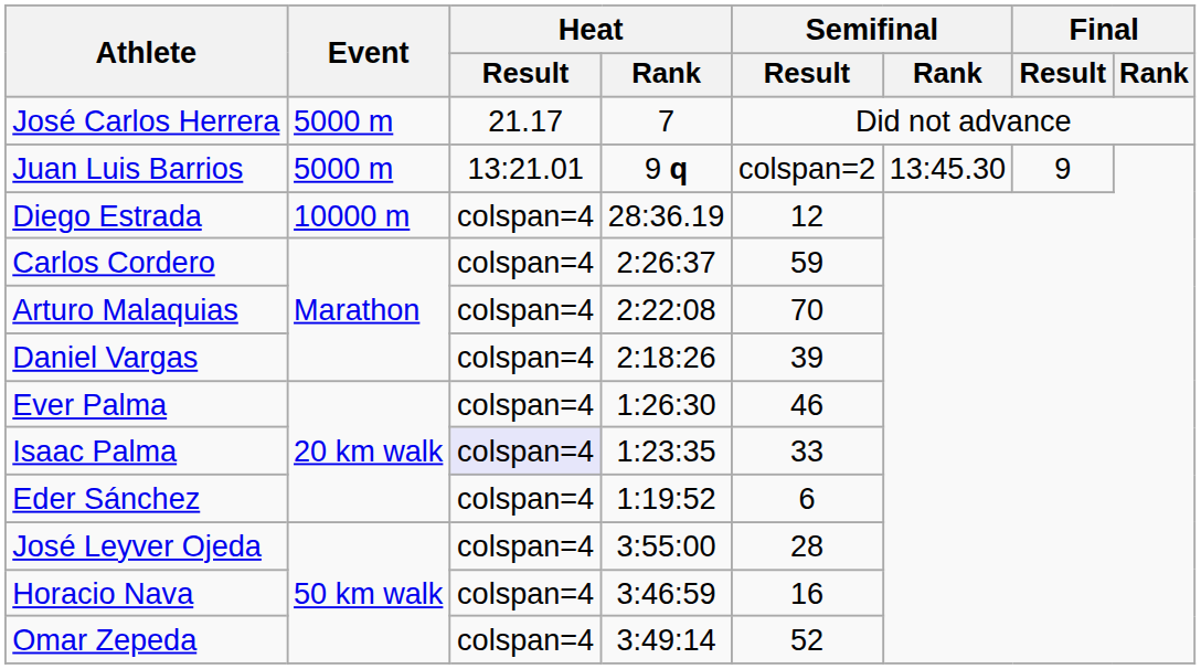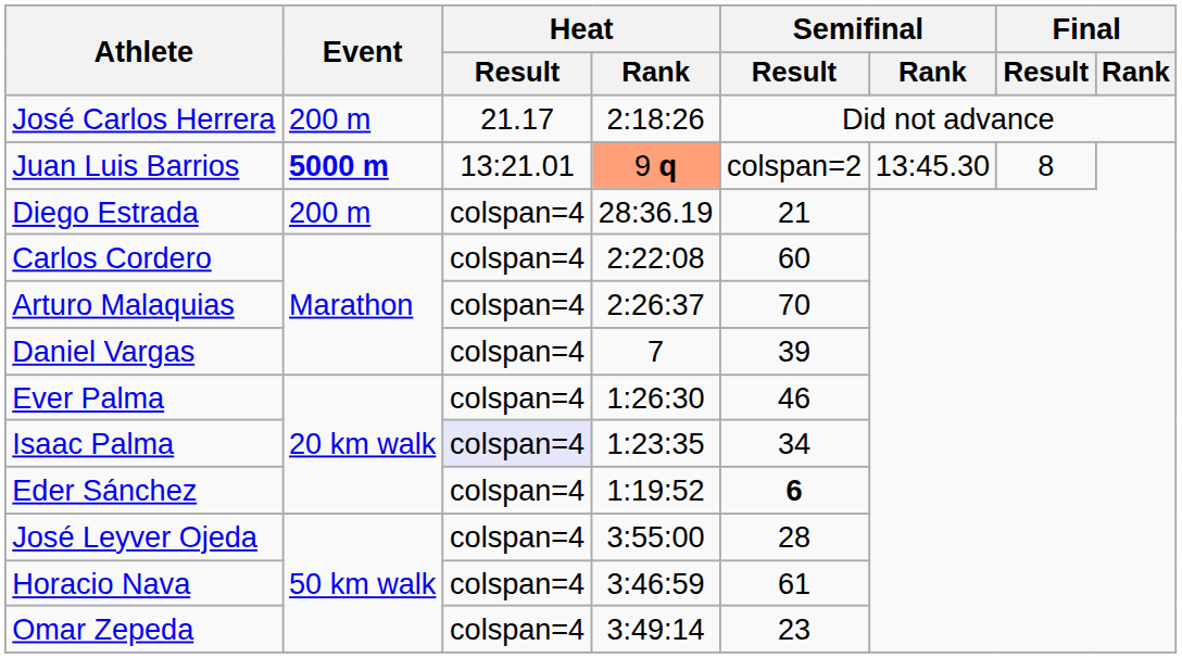 <table class="wikitable" style="font-size:90%">
 <tr>
 <th rowspan="2">Athlete</th>
 <th rowspan="2">Event</th>
 <th colspan="2">Heat</th>
 <th colspan="2">Semifinal</th>
 <th colspan="2">Final</th>
 </tr>
 <tr style="font-size:95%">
 <th>Result</th>
 <th>Rank</th>
 <th>Result</th>
 <th>Rank</th>
 <th>Result</th>
 <th>Rank</th>
 </tr>
 <tr align=center>
 <td align=left><a href='#'>José Carlos Herrera</a></td>
-<td align=left><a href='#'>5000 m</a></td>
+<td align=left><a href='#'>200 m</a></td>
 <td>21.17</td>
-<td>7</td>
+<td>2:18:26</td>
 <td colspan=4>Did not advance</td>
 </tr>
 <tr align=center>
 <td align=left><a href='#'>Juan Luis Barrios</a></td>
-<td align=left><a href='#'>5000 m</a></td>
+<td align=left><strong><a href='#'>5000 m</a></strong></td>
 <td>13:21.01</td>
-<td>9 <strong>q</strong></td>
+<td style="background: lightsalmon;">9 <strong>q</strong></td>
 <td>colspan=2 </td>
 <td>13:45.30</td>
-<td>9</td>
+<td>8</td>
 </tr>
 <tr align=center>
 <td align=left><a href='#'>Diego Estrada</a></td>
-<td align=left><a href='#'>10000 m</a></td>
+<td align=left><a href='#'>200 m</a></td>
 <td>colspan=4 </td>
 <td>28:36.19</td>
-<td>12</td>
+<td>21</td>
 </tr>
 <tr align=center>
 <td align=left><a href='#'>Carlos Cordero</a></td>
 <td align=left rowspan=3><a href='#'>Marathon</a></td>
 <td>colspan=4 </td>
-<td>2:26:37</td>
-<td>59</td>
+<td>2:22:08</td>
+<td>60</td>
 </tr>
 <tr align=center>
 <td align=left><a href='#'>Arturo Malaquias</a></td>
 <td>colspan=4 </td>
-<td>2:22:08</td>
+<td>2:26:37</td>
 <td>70</td>
 </tr>
 <tr align=center>
 <td align=left><a href='#'>Daniel Vargas</a></td>
 <td>colspan=4 </td>
-<td>2:18:26</td>
+<td>7</td>
 <td>39</td>
 </tr>
 <tr align=center>
 <td align=left><a href='#'>Ever Palma</a></td>
 <td align=left rowspan=3><a href='#'>20 km walk</a></td>
 <td>colspan=4 </td>
 <td>1:26:30</td>
 <td>46</td>
 </tr>
 <tr align=center>
 <td align=left><a href='#'>Isaac Palma</a></td>
 <td style="background: lavender;">colspan=4 </td>
 <td>1:23:35</td>
-<td>33</td>
+<td>34</td>
 </tr>
 <tr align=center>
 <td align=left><a href='#'>Eder Sánchez</a></td>
 <td>colspan=4 </td>
 <td>1:19:52</td>
-<td>6</td>
+<td><strong>6</strong></td>
 </tr>
 <tr align=center>
 <td align=left><a href='#'>José Leyver Ojeda</a></td>
 <td align=left rowspan=3><a href='#'>50 km walk</a></td>
 <td>colspan=4 </td>
 <td>3:55:00</td>
 <td>28</td>
 </tr>
 <tr align=center>
 <td align=left><a href='#'>Horacio Nava</a></td>
 <td>colspan=4 </td>
 <td>3:46:59</td>
-<td>16</td>
+<td>61</td>
 </tr>
 <tr align=center>
 <td align=left><a href='#'>Omar Zepeda</a></td>
 <td>colspan=4 </td>
 <td>3:49:14</td>
-<td>52</td>
+<td>23</td>
 </tr>
 </table>
